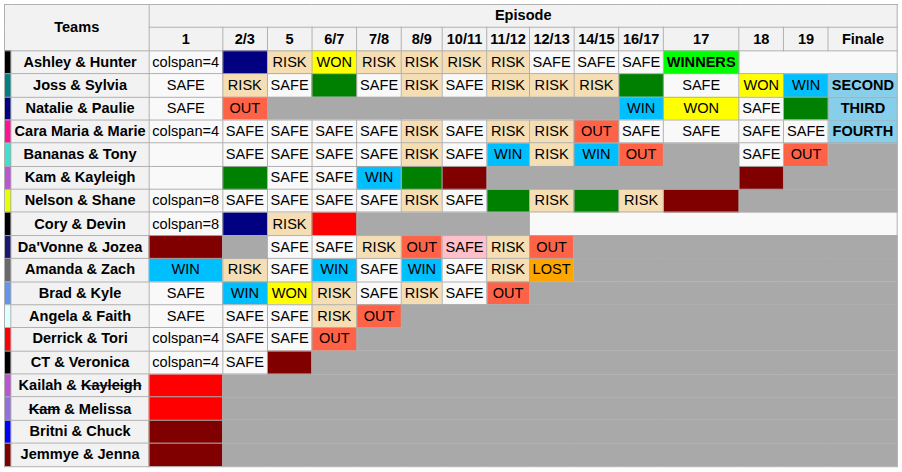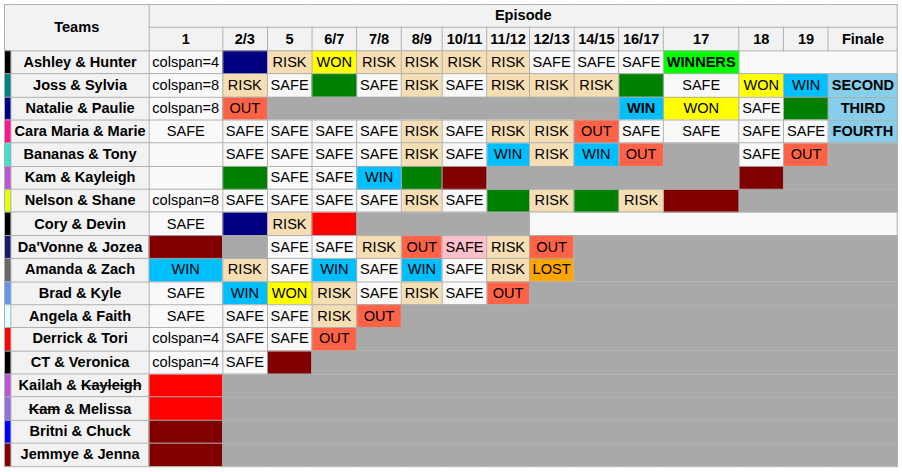 <table class="wikitable" style="text-align:center">
 <tr>
 <th rowspan=2 colspan=2>Teams</th>
 <th colspan=17>Episode</th>
 </tr>
 <tr>
 <th>1</th>
 <th>2/3</th>
 <th>5</th>
 <th>6/7</th>
 <th>7/8</th>
 <th>8/9</th>
 <th>10/11</th>
 <th>11/12</th>
 <th>12/13</th>
 <th>14/15</th>
 <th>16/17</th>
 <th>17</th>
 <th>18</th>
 <th>19</th>
 <th>Finale</th>
 </tr>
 <tr>
 <th Style="background:black"></th>
 <th nowrap>Ashley & Hunter</th>
 <td>colspan=4 </td>
 <td bgcolor="navy"></td>
 <td bgcolor="wheat">RISK</td>
 <td bgcolor="yellow">WON</td>
 <td bgcolor="wheat">RISK</td>
 <td bgcolor="wheat">RISK</td>
 <td bgcolor="wheat">RISK</td>
 <td bgcolor="wheat">RISK</td>
 <td>SAFE</td>
 <td>SAFE</td>
 <td>SAFE</td>
 <td bgcolor="lime"><strong>WINNERS</strong></td>
 </tr>
 <tr>
 <th Style="background:teal"></th>
 <th nowrap>Joss & Sylvia</th>
-<td>SAFE</td>
+<td>colspan=8 </td>
 <td bgcolor="wheat">RISK</td>
 <td>SAFE</td>
 <td bgcolor="green"></td>
 <td>SAFE</td>
 <td bgcolor="wheat">RISK</td>
 <td>SAFE</td>
 <td bgcolor="wheat">RISK</td>
 <td bgcolor="wheat">RISK</td>
 <td bgcolor="wheat">RISK</td>
 <td bgcolor="green"></td>
 <td>SAFE</td>
 <td bgcolor="yellow">WON</td>
 <td bgcolor="deepskyblue">WIN</td>
 <td bgcolor="skyblue"><strong>SECOND</strong></td>
 </tr>
 <tr>
 <th Style="background:navy"></th>
 <th nowrap>Natalie & Paulie</th>
-<td>SAFE</td>
+<td>colspan=8 </td>
 <td bgcolor="tomato">OUT</td>
 <td bgcolor="darkgray" colspan=8></td>
-<td bgcolor="deepskyblue">WIN</td>
+<td bgcolor="deepskyblue"><strong>WIN</strong></td>
 <td bgcolor="yellow">WON</td>
 <td>SAFE</td>
 <td bgcolor="green"></td>
 <td bgcolor="skyblue"><strong>THIRD</strong></td>
 </tr>
 <tr>
 <th Style="background:deeppink"></th>
 <th nowrap>Cara Maria & Marie</th>
-<td>colspan=4 </td>
+<td>SAFE</td>
 <td>SAFE</td>
 <td>SAFE</td>
 <td>SAFE</td>
 <td>SAFE</td>
 <td bgcolor="wheat">RISK</td>
 <td>SAFE</td>
 <td bgcolor="wheat">RISK</td>
 <td bgcolor="wheat">RISK</td>
 <td bgcolor="tomato">OUT</td>
 <td>SAFE</td>
 <td>SAFE</td>
 <td>SAFE</td>
 <td>SAFE</td>
 <td bgcolor="skyblue"><strong>FOURTH</strong></td>
 </tr>
 <tr>
 <th Style="background:turquoise"></th>
 <th nowrap>Bananas & Tony</th>
 <td></td>
 <td>SAFE</td>
 <td>SAFE</td>
 <td>SAFE</td>
 <td>SAFE</td>
 <td bgcolor="wheat">RISK</td>
 <td>SAFE</td>
 <td bgcolor="deepskyblue">WIN</td>
 <td bgcolor="wheat">RISK</td>
 <td bgcolor="deepskyblue">WIN</td>
 <td bgcolor="tomato">OUT</td>
 <td bgcolor="darkgray" colspan=1></td>
 <td>SAFE</td>
 <td bgcolor="tomato">OUT</td>
 <td bgcolor="darkgray" colspan=1></td>
 </tr>
 <tr>
 <th style="background:mediumorchid"></th>
 <th nowrap>Kam & Kayleigh</th>
 <td></td>
 <td bgcolor="green"></td>
 <td>SAFE</td>
 <td>SAFE</td>
 <td bgcolor="deepskyblue">WIN</td>
 <td bgcolor="green"></td>
 <td bgcolor="maroon"></td>
 <td bgcolor="darkgray" colspan=5></td>
 <td bgcolor="maroon"></td>
 <td bgcolor="darkgray" colspan=2></td>
 </tr>
 <tr>
 <th Style="background:#e4ff06"></th>
 <th nowrap>Nelson & Shane</th>
 <td>colspan=8 </td>
 <td>SAFE</td>
 <td>SAFE</td>
 <td>SAFE</td>
 <td>SAFE</td>
 <td bgcolor="wheat">RISK</td>
 <td>SAFE</td>
 <td bgcolor="green"></td>
 <td bgcolor="wheat">RISK</td>
 <td bgcolor="green"></td>
 <td bgcolor="wheat">RISK</td>
 <td bgcolor="maroon"></td>
 <td bgcolor="darkgray" colspan=6></td>
 </tr>
 <tr>
 <th Style="background:black"></th>
 <th nowrap>Cory & Devin</th>
-<td>colspan=8 </td>
+<td>SAFE</td>
 <td bgcolor="navy"></td>
 <td bgcolor="wheat">RISK</td>
 <td bgcolor="red"></td>
 <td bgcolor="darkgray" colspan=4></td>
 </tr>
 <tr>
 <th Style="background:midnightblue"></th>
 <th nowrap>Da'Vonne & Jozea</th>
 <td bgcolor="maroon"></td>
 <td bgcolor="darkgray"></td>
 <td>SAFE</td>
 <td>SAFE</td>
 <td bgcolor="wheat">RISK</td>
 <td bgcolor="tomato">OUT</td>
 <td style="background: pink;">SAFE</td>
 <td bgcolor="wheat">RISK</td>
 <td bgcolor="tomato">OUT</td>
 <td bgcolor="darkgray" colspan=6></td>
 </tr>
 <tr>
 <th Style="background:dimgrey"></th>
 <th nowrap>Amanda & Zach</th>
 <td bgcolor="deepskyblue">WIN</td>
 <td bgcolor="wheat">RISK</td>
 <td>SAFE</td>
 <td bgcolor="deepskyblue">WIN</td>
 <td>SAFE</td>
 <td bgcolor="deepskyblue">WIN</td>
 <td>SAFE</td>
 <td bgcolor="wheat">RISK</td>
 <td bgcolor="orange">LOST</td>
 <td bgcolor="darkgray" colspan=6></td>
 </tr>
 <tr>
 <th Style="background:cornflowerblue"></th>
 <th nowrap>Brad & Kyle</th>
 <td>SAFE</td>
 <td bgcolor="deepskyblue">WIN</td>
 <td bgcolor="yellow">WON</td>
 <td bgcolor="wheat">RISK</td>
 <td>SAFE</td>
 <td bgcolor="wheat">RISK</td>
 <td>SAFE</td>
 <td bgcolor="tomato">OUT</td>
 <td bgcolor="darkgray" colspan=7></td>
 </tr>
 <tr>
 <th Style="background:lightcyan"></th>
 <th nowrap>Angela & Faith</th>
 <td>SAFE</td>
 <td>SAFE</td>
 <td>SAFE</td>
 <td bgcolor="wheat">RISK</td>
 <td bgcolor="tomato">OUT</td>
 <td bgcolor="darkgray" colspan=10></td>
 </tr>
 <tr>
 <th Style="background:red"></th>
 <th nowrap>Derrick & Tori</th>
 <td>colspan=4 </td>
 <td>SAFE</td>
 <td>SAFE</td>
 <td bgcolor="tomato">OUT</td>
 <td bgcolor="darkgray" colspan=11></td>
 </tr>
 <tr>
 <th Style="background:black"></th>
 <th nowrap>CT & Veronica</th>
 <td>colspan=4 </td>
 <td>SAFE</td>
 <td bgcolor="maroon"></td>
 <td bgcolor="darkgray" colspan=12></td>
 </tr>
 <tr>
 <th Style="background:mediumorchid "></th>
 <th nowrap>Kailah & <s>Kayleigh</s></th>
 <td bgcolor="red"></td>
 <td bgcolor="darkgray" colspan=14></td>
 </tr>
 <tr>
 <th Style="background:mediumpurple"></th>
 <th nowrap><s>Kam</s> & Melissa</th>
 <td bgcolor="red"></td>
 <td bgcolor="darkgray" colspan=14></td>
 </tr>
 <tr>
 <th Style="background:blue"></th>
 <th nowrap>Britni & Chuck</th>
 <td bgcolor="maroon"></td>
 <td bgcolor="darkgray" colspan=14></td>
 </tr>
 <tr>
 <th Style="background:maroon"></th>
 <th nowrap>Jemmye & Jenna</th>
 <td bgcolor="maroon"></td>
 <td bgcolor="darkgray" colspan=14></td>
 </tr>
 </table>
